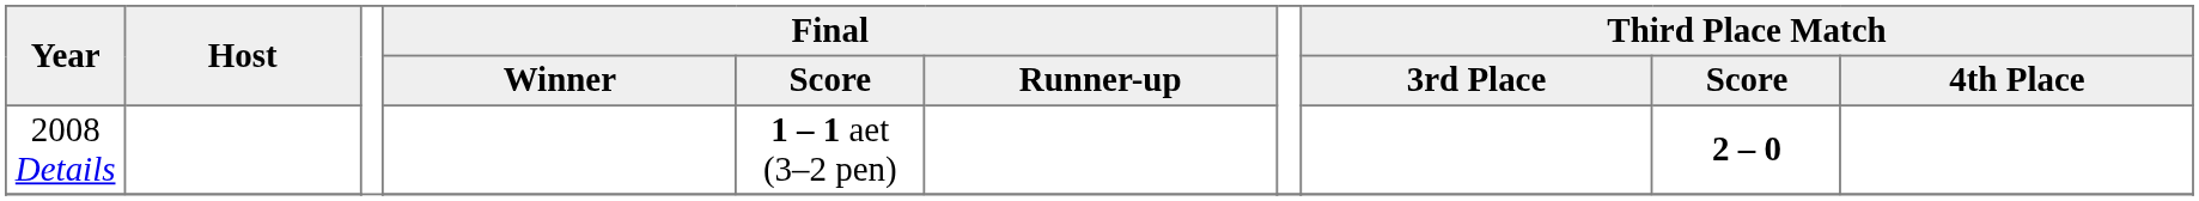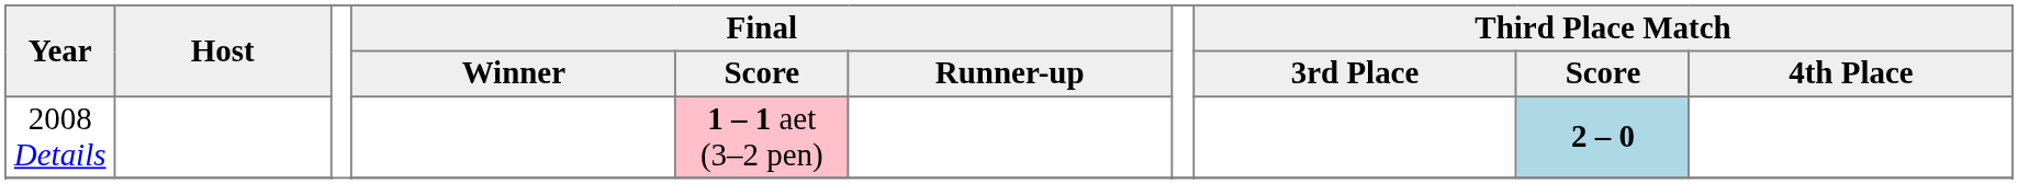 <table class="toccolours" border="1" cellpadding="2" style="border-collapse: collapse; text-align: center; width: 80%;">
 <tr style="background: #efefef;">
 <th rowspan=2 width=5%>Year</th>
 <th rowspan=2 width=10%>Host</th>
 <td rowspan="32" width="1%" bgcolor="ffffff"></td>
 <th colspan=3>Final</th>
 <td rowspan="5" width="1%" bgcolor="ffffff"></td>
 <th colspan=3>Third Place Match</th>
 </tr>
 <tr bgcolor=#EFEFEF>
 <th width=15%>Winner</th>
 <th width=8%>Score</th>
 <th width=15%>Runner-up</th>
 <th width=15%>3rd Place</th>
 <th width=8%>Score</th>
 <th width=15%>4th Place</th>
 </tr>
 <tr align=center>
 <td>2008<br><em><a href='#'>Details</a></em></td>
 <td></td>
 <td></td>
-<td><strong>1 – 1</strong> aet<br>(3–2 pen)</td>
+<td style="background: pink;"><strong>1 – 1</strong> aet<br>(3–2 pen)</td>
 <td></td>
 <td></td>
-<td><strong>2 – 0</strong></td>
+<td style="background: lightblue;"><strong>2 – 0</strong></td>
 <td></td>
 </tr>
 <tr>
 </tr>
 <tr>
 </tr>
 <tr>
 </tr>
 </table>
